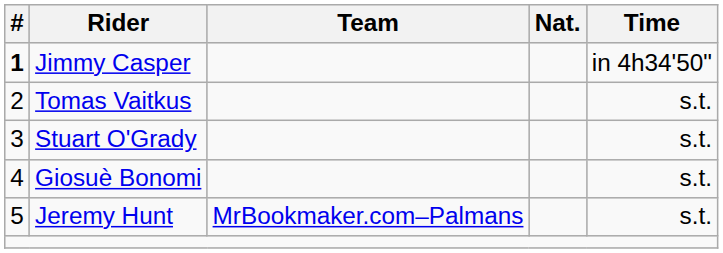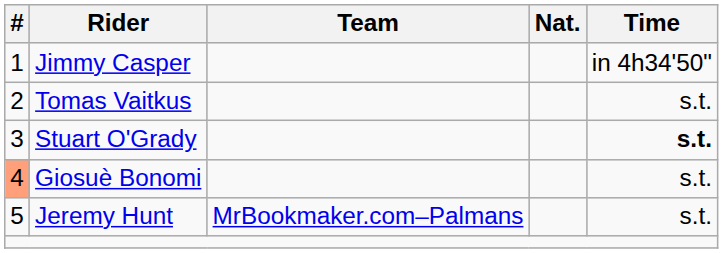 <table class=wikitable>
 <tr>
 <th align=right>#</th>
 <th>Rider</th>
 <th>Team</th>
 <th>Nat.</th>
 <th align=right>Time</th>
 </tr>
 <tr>
-<td align=right><strong>1</strong></td>
+<td align=right>1</td>
 <td><a href='#'>Jimmy Casper</a></td>
 <td></td>
 <td></td>
 <td align=right>in 4h34'50"</td>
 </tr>
 <tr>
 <td align=right>2</td>
 <td><a href='#'>Tomas Vaitkus</a></td>
 <td></td>
 <td></td>
 <td align=right>s.t.</td>
 </tr>
 <tr>
 <td align=right>3</td>
 <td><a href='#'>Stuart O'Grady</a></td>
 <td></td>
 <td></td>
-<td align=right>s.t.</td>
+<td align=right><strong>s.t.</strong></td>
 </tr>
 <tr>
-<td align=right>4</td>
+<td align=right style="background: lightsalmon;">4</td>
 <td><a href='#'>Giosuè Bonomi</a></td>
 <td></td>
 <td></td>
 <td align=right>s.t.</td>
 </tr>
 <tr>
 <td align=right>5</td>
 <td><a href='#'>Jeremy Hunt</a></td>
 <td><a href='#'>MrBookmaker.com–Palmans</a></td>
 <td></td>
 <td align=right>s.t.</td>
 </tr>
 <tr>
 <td align=right colspan=5></td>
 </tr>
 </table>
